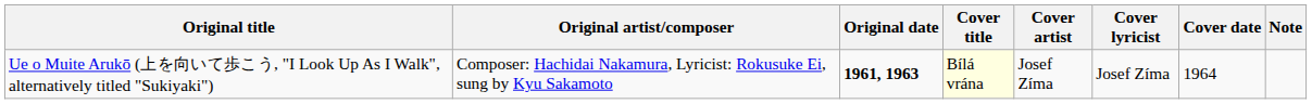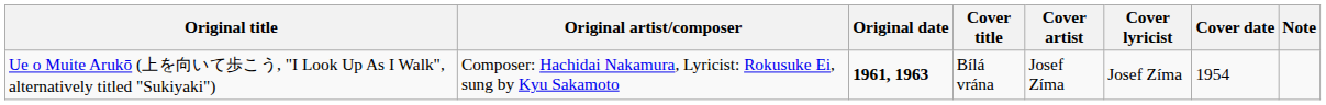 <table class="wikitable sortable">
 <tr>
 <th>Original title</th>
 <th>Original artist/composer</th>
 <th nowrap=yes>Original date</th>
 <th>Cover title</th>
 <th>Cover artist</th>
 <th>Cover lyricist</th>
 <th nowrap=yes>Cover date</th>
 <th class=unsortable>Note</th>
 </tr>
 <tr>
 <td><a href='#'>Ue o Muite Arukō</a> (上を向いて歩こう, "I Look Up As I Walk", alternatively titled "Sukiyaki")</td>
 <td>Composer: <a href='#'>Hachidai Nakamura</a>, Lyricist: <a href='#'>Rokusuke Ei</a>, sung by <a href='#'>Kyu Sakamoto</a></td>
 <td><strong>1961, 1963</strong></td>
-<td style="background: lightyellow;">Bílá vrána</td>
+<td>Bílá vrána</td>
 <td>Josef Zíma</td>
 <td>Josef Zíma</td>
-<td>1964</td>
+<td>1954</td>
 <td></td>
 </tr>
 </table>
